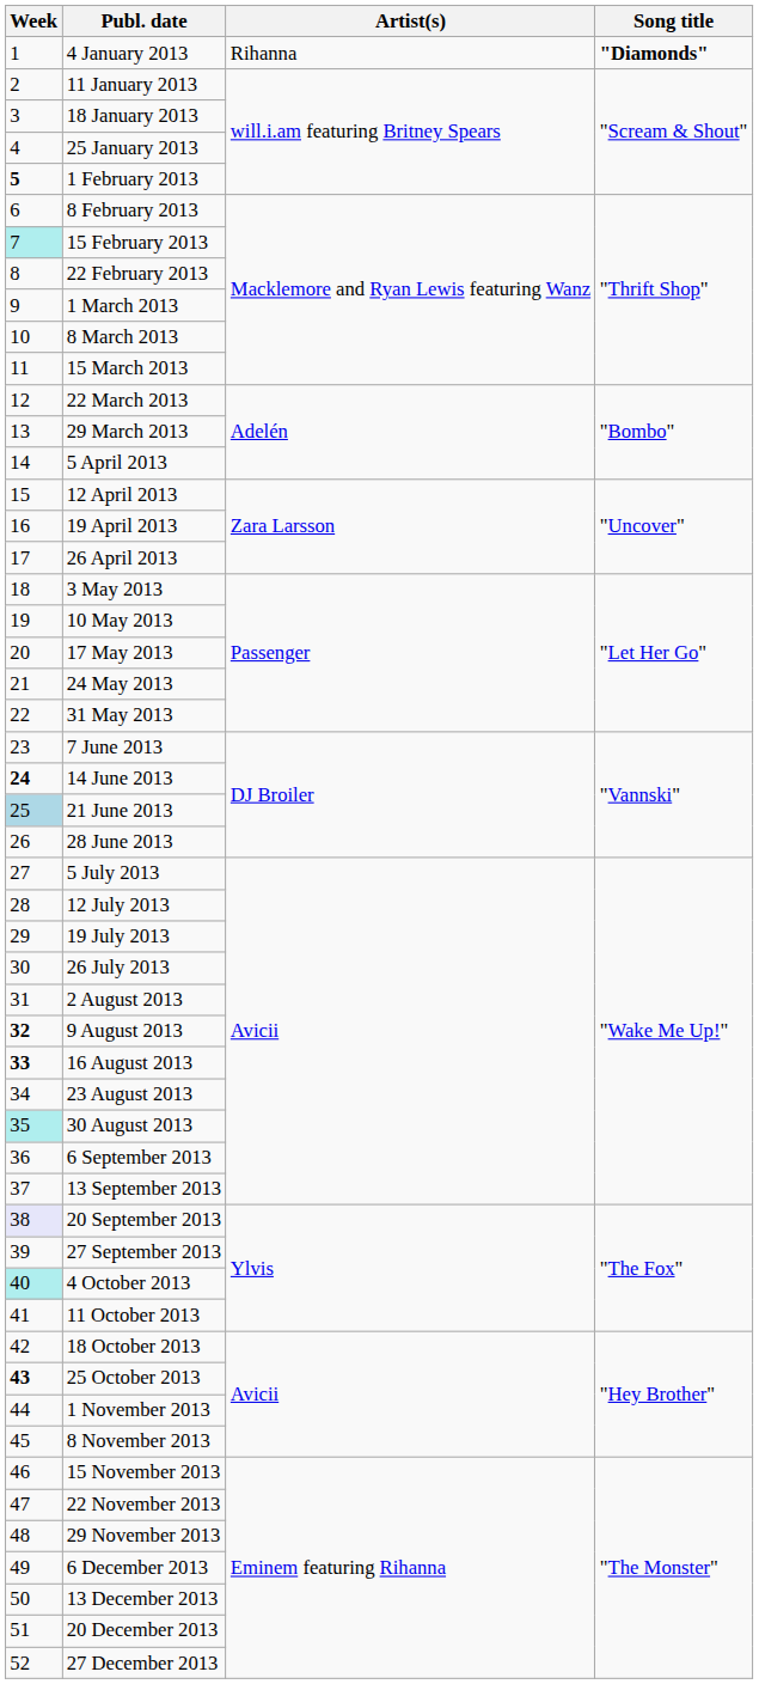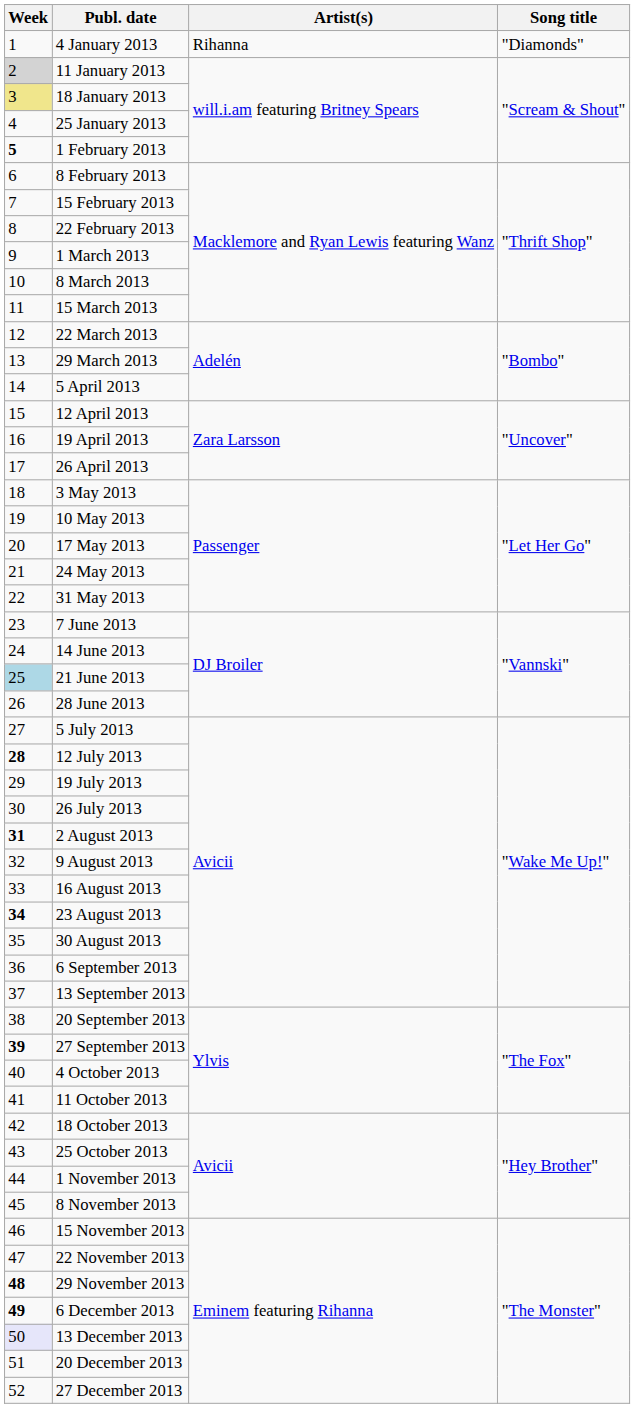 <table class="wikitable">
 <tr>
 <th>Week</th>
 <th>Publ. date</th>
 <th>Artist(s)</th>
 <th>Song title</th>
 </tr>
 <tr>
 <td>1</td>
 <td>4 January 2013</td>
 <td>Rihanna</td>
-<td><strong>"Diamonds"</strong></td>
+<td>"Diamonds"</td>
 </tr>
 <tr>
-<td>2</td>
+<td style="background: lightgrey;">2</td>
 <td>11 January 2013</td>
 <td rowspan=4><a href='#'>will.i.am</a> featuring <a href='#'>Britney Spears</a></td>
 <td rowspan=4>"<a href='#'>Scream & Shout</a>"</td>
 </tr>
 <tr>
-<td>3</td>
+<td style="background: khaki;">3</td>
 <td>18 January 2013</td>
 </tr>
 <tr>
 <td>4</td>
 <td>25 January 2013</td>
 </tr>
 <tr>
 <td><strong>5</strong></td>
 <td>1 February 2013</td>
 </tr>
 <tr>
 <td>6</td>
 <td>8 February 2013</td>
 <td rowspan=6><a href='#'>Macklemore</a> and <a href='#'>Ryan Lewis</a> featuring <a href='#'>Wanz</a></td>
 <td rowspan=6>"<a href='#'>Thrift Shop</a>"</td>
 </tr>
 <tr>
-<td style="background: paleturquoise;">7</td>
+<td>7</td>
 <td>15 February 2013</td>
 </tr>
 <tr>
 <td>8</td>
 <td>22 February 2013</td>
 </tr>
 <tr>
 <td>9</td>
 <td>1 March 2013</td>
 </tr>
 <tr>
 <td>10</td>
 <td>8 March 2013</td>
 </tr>
 <tr>
 <td>11</td>
 <td>15 March 2013</td>
 </tr>
 <tr>
 <td>12</td>
 <td>22 March 2013</td>
 <td rowspan=3><a href='#'>Adelén</a></td>
 <td rowspan=3>"<a href='#'>Bombo</a>"</td>
 </tr>
 <tr>
 <td>13</td>
 <td>29 March 2013</td>
 </tr>
 <tr>
 <td>14</td>
 <td>5 April 2013</td>
 </tr>
 <tr>
 <td>15</td>
 <td>12 April 2013</td>
 <td rowspan=3><a href='#'>Zara Larsson</a></td>
 <td rowspan=3>"<a href='#'>Uncover</a>"</td>
 </tr>
 <tr>
 <td>16</td>
 <td>19 April 2013</td>
 </tr>
 <tr>
 <td>17</td>
 <td>26 April 2013</td>
 </tr>
 <tr>
 <td>18</td>
 <td>3 May 2013</td>
 <td rowspan=5><a href='#'>Passenger</a></td>
 <td rowspan=5>"<a href='#'>Let Her Go</a>"</td>
 </tr>
 <tr>
 <td>19</td>
 <td>10 May 2013</td>
 </tr>
 <tr>
 <td>20</td>
 <td>17 May 2013</td>
 </tr>
 <tr>
 <td>21</td>
 <td>24 May 2013</td>
 </tr>
 <tr>
 <td>22</td>
 <td>31 May 2013</td>
 </tr>
 <tr>
 <td>23</td>
 <td>7 June 2013</td>
 <td rowspan=4><a href='#'>DJ Broiler</a></td>
 <td rowspan=4>"<a href='#'>Vannski</a>"</td>
 </tr>
 <tr>
-<td><strong>24</strong></td>
+<td>24</td>
 <td>14 June 2013</td>
 </tr>
 <tr>
 <td style="background: lightblue;">25</td>
 <td>21 June 2013</td>
 </tr>
 <tr>
 <td>26</td>
 <td>28 June 2013</td>
 </tr>
 <tr>
 <td>27</td>
 <td>5 July 2013</td>
 <td rowspan=11><a href='#'>Avicii</a></td>
 <td rowspan=11>"<a href='#'>Wake Me Up!</a>"</td>
 </tr>
 <tr>
-<td>28</td>
+<td><strong>28</strong></td>
 <td>12 July 2013</td>
 </tr>
 <tr>
 <td>29</td>
 <td>19 July 2013</td>
 </tr>
 <tr>
 <td>30</td>
 <td>26 July 2013</td>
 </tr>
 <tr>
-<td>31</td>
+<td><strong>31</strong></td>
 <td>2 August 2013</td>
 </tr>
 <tr>
-<td><strong>32</strong></td>
+<td>32</td>
 <td>9 August 2013</td>
 </tr>
 <tr>
-<td><strong>33</strong></td>
+<td>33</td>
 <td>16 August 2013</td>
 </tr>
 <tr>
-<td>34</td>
+<td><strong>34</strong></td>
 <td>23 August 2013</td>
 </tr>
 <tr>
-<td style="background: paleturquoise;">35</td>
+<td>35</td>
 <td>30 August 2013</td>
 </tr>
 <tr>
 <td>36</td>
 <td>6 September 2013</td>
 </tr>
 <tr>
 <td>37</td>
 <td>13 September 2013</td>
 </tr>
 <tr>
-<td style="background: lavender;">38</td>
+<td>38</td>
 <td>20 September 2013</td>
 <td rowspan=4><a href='#'>Ylvis</a></td>
 <td rowspan=4>"<a href='#'>The Fox</a>"</td>
 </tr>
 <tr>
-<td>39</td>
+<td><strong>39</strong></td>
 <td>27 September 2013</td>
 </tr>
 <tr>
-<td style="background: paleturquoise;">40</td>
+<td>40</td>
 <td>4 October 2013</td>
 </tr>
 <tr>
 <td>41</td>
 <td>11 October 2013</td>
 </tr>
 <tr>
 <td>42</td>
 <td>18 October 2013</td>
 <td rowspan=4><a href='#'>Avicii</a></td>
 <td rowspan=4>"<a href='#'>Hey Brother</a>"</td>
 </tr>
 <tr>
-<td><strong>43</strong></td>
+<td>43</td>
 <td>25 October 2013</td>
 </tr>
 <tr>
 <td>44</td>
 <td>1 November 2013</td>
 </tr>
 <tr>
 <td>45</td>
 <td>8 November 2013</td>
 </tr>
 <tr>
 <td>46</td>
 <td>15 November 2013</td>
 <td rowspan=7><a href='#'>Eminem</a> featuring <a href='#'>Rihanna</a></td>
 <td rowspan=7>"<a href='#'>The Monster</a>"</td>
 </tr>
 <tr>
 <td>47</td>
 <td>22 November 2013</td>
 </tr>
 <tr>
-<td>48</td>
+<td><strong>48</strong></td>
 <td>29 November 2013</td>
 </tr>
 <tr>
-<td>49</td>
+<td><strong>49</strong></td>
 <td>6 December 2013</td>
 </tr>
 <tr>
-<td>50</td>
+<td style="background: lavender;">50</td>
 <td>13 December 2013</td>
 </tr>
 <tr>
 <td>51</td>
 <td>20 December 2013</td>
 </tr>
 <tr>
 <td>52</td>
 <td>27 December 2013</td>
 </tr>
 </table>
